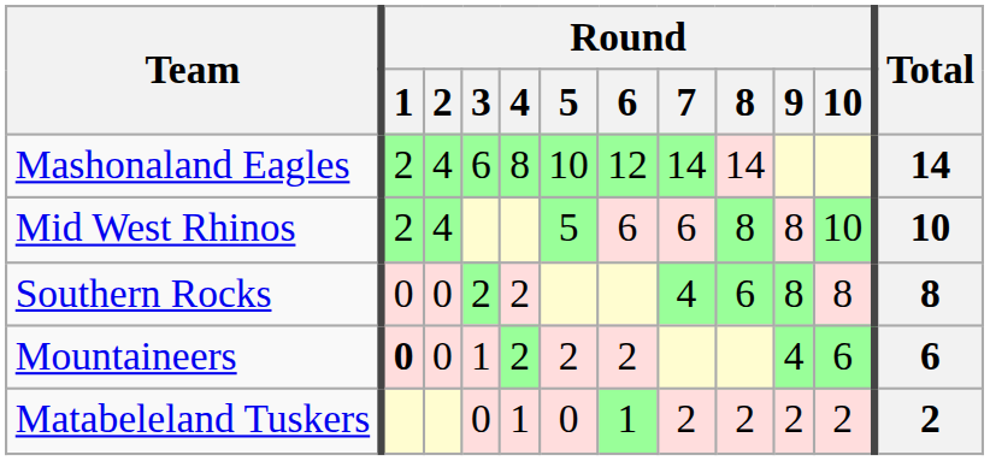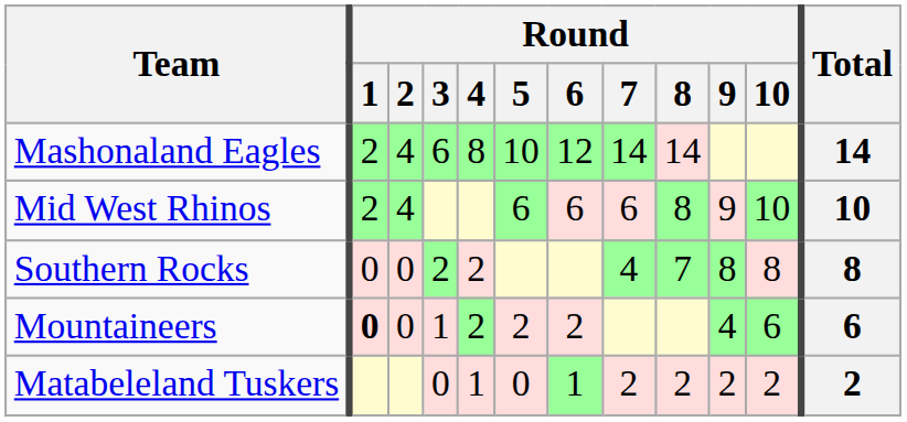 <table class="wikitable">
 <tr>
 <th rowspan="2" style="border-right: 3px solid #454545">Team</th>
 <th colspan="10">Round</th>
 <th rowspan="2" style="border-left: 3px solid #454545">Total</th>
 </tr>
 <tr>
 <th>1</th>
 <th>2</th>
 <th>3</th>
 <th>4</th>
 <th>5</th>
 <th>6</th>
 <th>7</th>
 <th>8</th>
 <th>9</th>
 <th>10</th>
 </tr>
 <tr align="center">
 <td style="border-right: 3px solid #454545" align="left"><a href='#'>Mashonaland Eagles</a></td>
 <td style="background: #99FF99">2</td>
 <td style="background: #99FF99">4</td>
 <td style="background: #99FF99">6</td>
 <td style="background: #99FF99">8</td>
 <td style="background: #99FF99">10</td>
 <td style="background: #99FF99">12</td>
 <td style="background: #99FF99">14</td>
 <td style="background: #FFDDDD">14</td>
 <td style="background-color: #FFFDD0"><em></em></td>
 <td style="background-color: #FFFDD0"><em></em></td>
 <th style="border-left: 3px solid #454545">14</th>
 </tr>
 <tr align="center">
 <td style="border-right: 3px solid #454545" align="left"><a href='#'>Mid West Rhinos</a></td>
 <td style="background: #99FF99">2</td>
 <td style="background: #99FF99">4</td>
 <td style="background-color: #FFFDD0"><em></em></td>
 <td style="background-color: #FFFDD0"><em></em></td>
-<td style="background: #99FF99">5</td>
+<td style="background: #99FF99">6</td>
 <td style="background: #FFDDDD">6</td>
 <td style="background: #FFDDDD">6</td>
 <td style="background: #99FF99">8</td>
-<td style="background: #FFDDDD">8</td>
+<td style="background: #FFDDDD">9</td>
 <td style="background: #99FF99">10</td>
 <th style="border-left: 3px solid #454545">10</th>
 </tr>
 <tr align="center">
 <td style="border-right: 3px solid #454545" align="left"><a href='#'>Southern Rocks</a></td>
 <td style="background: #FFDDDD">0</td>
 <td style="background: #FFDDDD">0</td>
 <td style="background: #99FF99">2</td>
 <td style="background: #FFDDDD">2</td>
 <td style="background-color: #FFFDD0"><em></em></td>
 <td style="background-color: #FFFDD0"><em></em></td>
 <td style="background: #99FF99">4</td>
-<td style="background: #99FF99">6</td>
+<td style="background: #99FF99">7</td>
 <td style="background: #99FF99">8</td>
 <td style="background: #FFDDDD">8</td>
 <th style="border-left: 3px solid #454545">8</th>
 </tr>
 <tr align="center">
 <td style="border-right: 3px solid #454545" align="left"><a href='#'>Mountaineers</a></td>
 <td style="background: #FFDDDD"><strong>0</strong></td>
 <td style="background: #FFDDDD">0</td>
 <td style="background: #FFDDDD">1</td>
 <td style="background: #99FF99">2</td>
 <td style="background: #FFDDDD">2</td>
 <td style="background: #FFDDDD">2</td>
 <td style="background: #FFFDD0"><em></em></td>
 <td style="background: #FFFDD0"><em></em></td>
 <td style="background: #99FF99">4</td>
 <td style="background: #99FF99">6</td>
 <th style="border-left: 3px solid #454545">6</th>
 </tr>
 <tr align="center">
 <td style="border-right: 3px solid #454545" align="left"><a href='#'>Matabeleland Tuskers</a></td>
 <td style="background-color: #FFFDD0"><em></em></td>
 <td style="background: #FFFDD0"><em></em></td>
 <td style="background: #FFDDDD">0</td>
 <td style="background: #FFDDDD">1</td>
 <td style="background: #FFDDDD">0</td>
 <td style="background: #99FF99">1</td>
 <td style="background: #FFDDDD">2</td>
 <td style="background: #FFDDDD">2</td>
 <td style="background: #FFDDDD">2</td>
 <td style="background: #FFDDDD">2</td>
 <th style="border-left: 3px solid #454545">2</th>
 </tr>
 </table>
